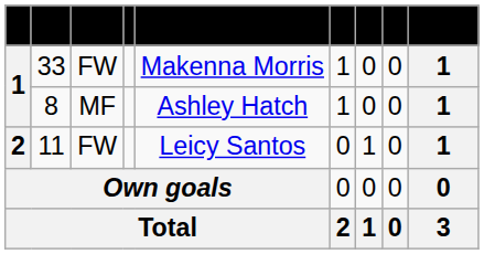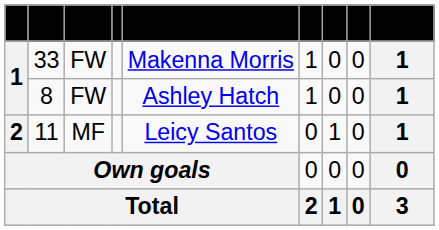 <table class="wikitable sortable" style="text-align:center;">
 <tr>
 <th style="background:#000000; "></th>
 <th style="background:#000000; "></th>
 <th style="background:#000000; "></th>
 <th style="background:#000000; "></th>
 <th style="background:#000000; ">Name</th>
 <th style="background:#000000; "></th>
 <th style="background:#000000; "></th>
 <th style="background:#000000; "></th>
 <th style="background:#000000; ">Total</th>
 </tr>
 <tr>
 <th rowspan="2">1</th>
 <td>33</td>
 <td>FW</td>
 <td></td>
 <td><a href='#'>Makenna Morris</a></td>
 <td>1</td>
 <td>0</td>
 <td>0</td>
 <th>1</th>
 </tr>
 <tr>
 <td>8</td>
-<td>MF</td>
+<td>FW</td>
 <td></td>
 <td><a href='#'>Ashley Hatch</a></td>
 <td>1</td>
 <td>0</td>
 <td>0</td>
 <th>1</th>
 </tr>
 <tr>
 <th rowspan="1" scope="row">2</th>
 <td>11</td>
-<td>FW</td>
+<td>MF</td>
 <td></td>
 <td><a href='#'>Leicy Santos</a></td>
 <td>0</td>
 <td>1</td>
 <td>0</td>
 <th>1</th>
 </tr>
 <tr>
 <th colspan="5" scope="row"><em>Own goals</em></th>
 <td>0</td>
 <td>0</td>
 <td>0</td>
 <th>0</th>
 </tr>
 <tr>
 <th colspan="5" scope="row">Total</th>
 <th>2</th>
 <th>1</th>
 <th>0</th>
 <th>3</th>
 </tr>
 </table>
